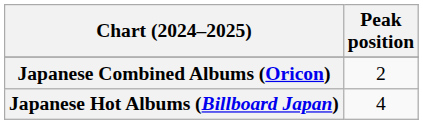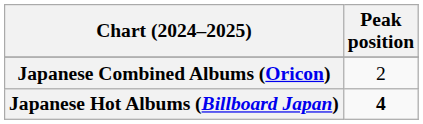 <table class="wikitable sortable plainrowheaders" style="text-align:center">
 <tr>
 <th scope="col">Chart (2024–2025)</th>
 <th scope="col">Peak<br>position</th>
 </tr>
 <tr>
 </tr>
 <tr>
 <th scope="row">Japanese Combined Albums (<a href='#'>Oricon</a>)</th>
 <td>2</td>
 </tr>
 <tr>
 <th scope="row">Japanese Hot Albums (<em><a href='#'>Billboard Japan</a></em>)</th>
-<td>4</td>
+<td><strong>4</strong></td>
 </tr>
 </table>
